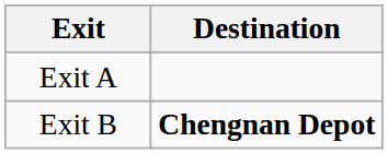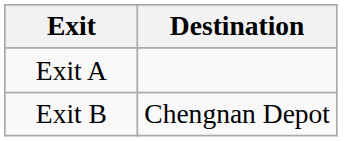 <table class="wikitable">
 <tr>
 <th style="width:70px" colspan="2">Exit</th>
 <th>Destination</th>
 </tr>
 <tr>
 <td align="center" colspan="2">Exit A</td>
 <td></td>
 </tr>
 <tr>
 <td align="center" colspan="2">Exit B</td>
-<td><strong>Chengnan Depot</strong></td>
+<td>Chengnan Depot</td>
 </tr>
 </table>
